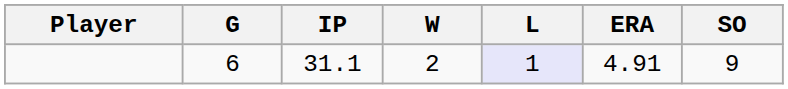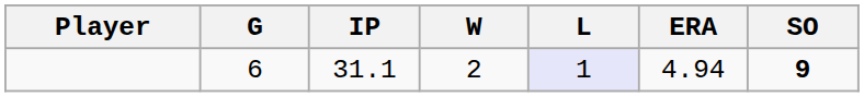 <table class="wikitable sortable">
 <tr>
 <th bgcolor="#DDDDFF" width="16%">Player</th>
 <th bgcolor="#DDDDFF" width="9%">G</th>
 <th bgcolor="#DDDDFF" width="9%">IP</th>
 <th bgcolor="#DDDDFF" width="9%">W</th>
 <th bgcolor="#DDDDFF" width="9%">L</th>
 <th bgcolor="#DDDDFF" width="9%">ERA</th>
 <th bgcolor="#DDDDFF" width="9%">SO</th>
 </tr>
 <tr align="center">
 <td></td>
 <td>6</td>
 <td>31.1</td>
 <td>2</td>
 <td style="background: lavender;">1</td>
-<td>4.91</td>
-<td>9</td>
+<td>4.94</td>
+<td><strong>9</strong></td>
 </tr>
 </table>
